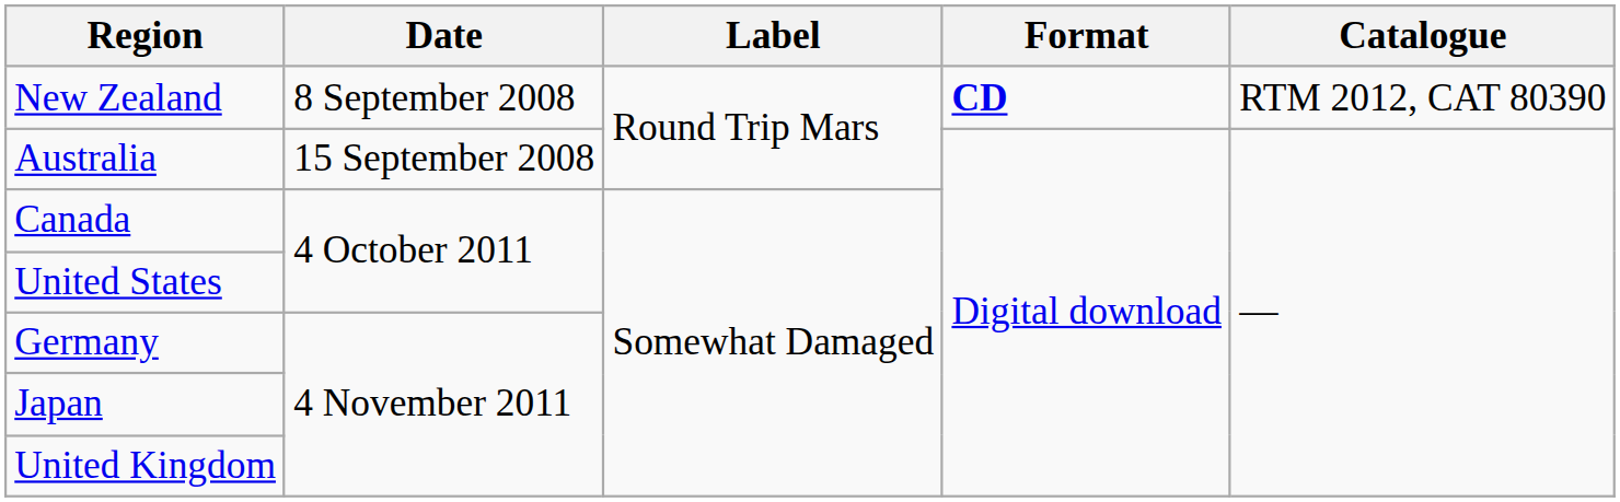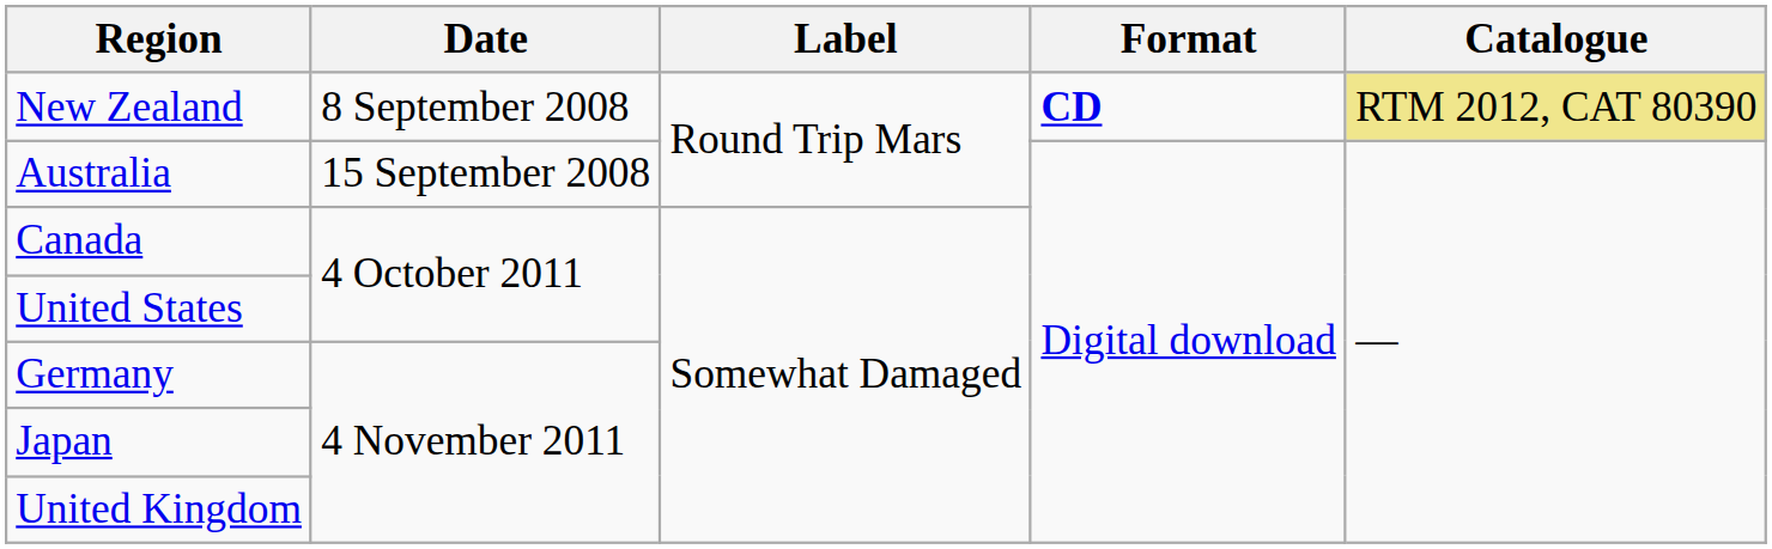 <table class="wikitable">
 <tr>
 <th>Region</th>
 <th>Date</th>
 <th>Label</th>
 <th>Format</th>
 <th>Catalogue</th>
 </tr>
 <tr>
 <td rowspan="2"><a href='#'>New Zealand</a></td>
 <td>8 September 2008</td>
 <td rowspan="3">Round Trip Mars</td>
 <td><strong><a href='#'>CD</a></strong></td>
-<td>RTM 2012, CAT 80390</td>
+<td style="background: khaki;">RTM 2012, CAT 80390</td>
 </tr>
 <tr>
 <td rowspan="2">15 September 2008</td>
 <td rowspan="7"><a href='#'>Digital download</a></td>
 <td rowspan="7">—</td>
 </tr>
 <tr>
 <td><a href='#'>Australia</a></td>
 </tr>
 <tr>
 <td><a href='#'>Canada</a></td>
 <td rowspan="2">4 October 2011</td>
 <td rowspan="5">Somewhat Damaged</td>
 </tr>
 <tr>
 <td><a href='#'>United States</a></td>
 </tr>
 <tr>
 <td><a href='#'>Germany</a></td>
 <td rowspan="3">4 November 2011</td>
 </tr>
 <tr>
 <td><a href='#'>Japan</a></td>
 </tr>
 <tr>
 <td><a href='#'>United Kingdom</a></td>
 </tr>
 </table>
